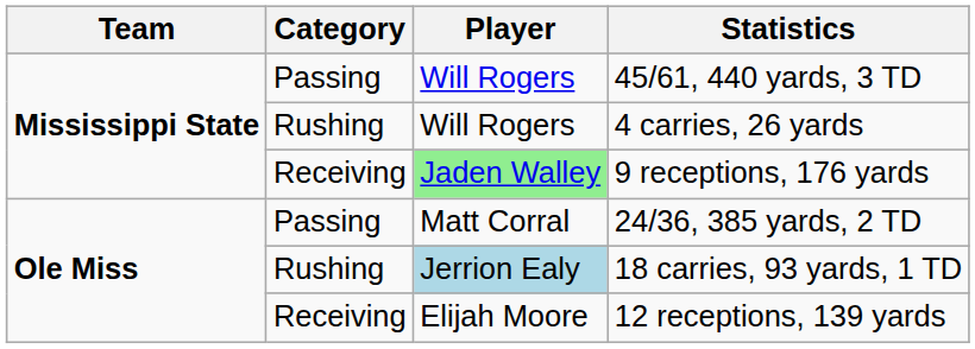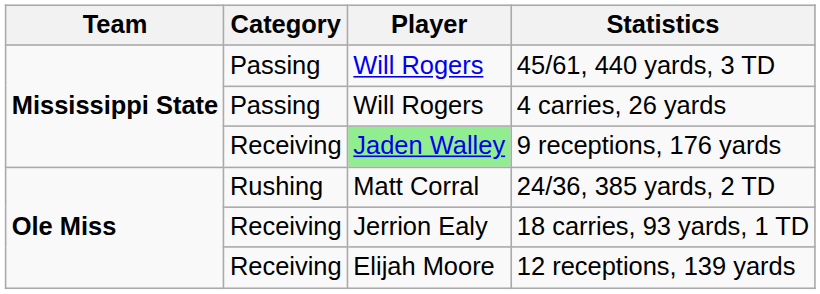 <table class="wikitable" style="float: right;">
 <tr>
 <th>Team</th>
 <th>Category</th>
 <th>Player</th>
 <th>Statistics</th>
 </tr>
 <tr>
 <td rowspan=3><strong>Mississippi State</strong></td>
 <td>Passing</td>
 <td><a href='#'>Will Rogers</a></td>
 <td>45/61, 440 yards, 3 TD</td>
 </tr>
 <tr>
-<td>Rushing</td>
+<td>Passing</td>
 <td>Will Rogers</td>
 <td>4 carries, 26 yards</td>
 </tr>
 <tr>
 <td>Receiving</td>
 <td style="background: lightgreen;"><a href='#'>Jaden Walley</a></td>
 <td>9 receptions, 176 yards</td>
 </tr>
 <tr>
 <td rowspan=3><strong>Ole Miss</strong></td>
-<td>Passing</td>
+<td>Rushing</td>
 <td>Matt Corral</td>
 <td>24/36, 385 yards, 2 TD</td>
 </tr>
 <tr>
-<td>Rushing</td>
-<td style="background: lightblue;">Jerrion Ealy</td>
+<td>Receiving</td>
+<td>Jerrion Ealy</td>
 <td>18 carries, 93 yards, 1 TD</td>
 </tr>
 <tr>
 <td>Receiving</td>
 <td>Elijah Moore</td>
 <td>12 receptions, 139 yards</td>
 </tr>
 </table>
